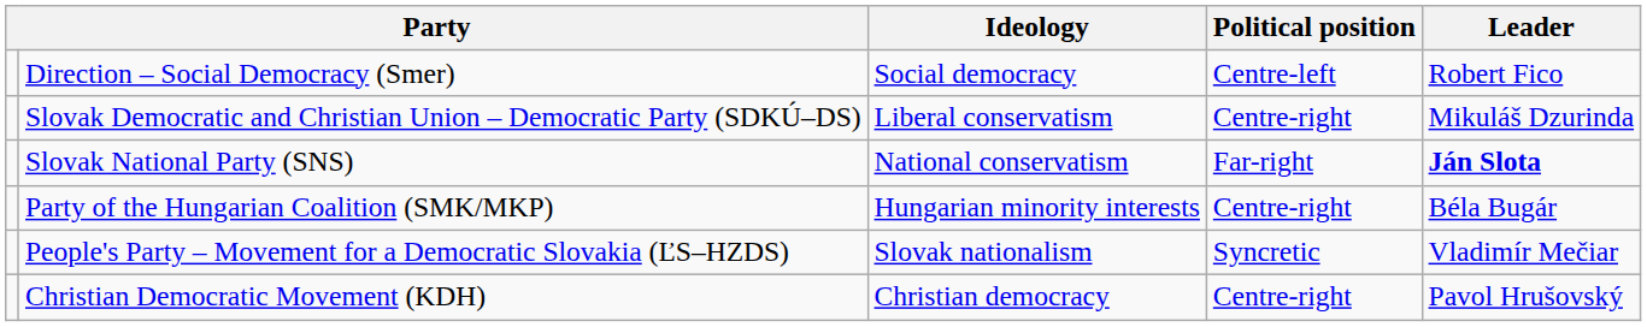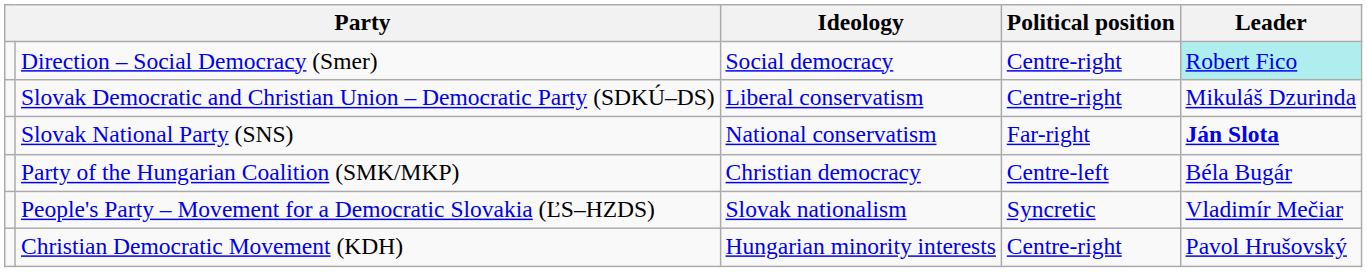 <table class="wikitable">
 <tr>
 <th colspan="2">Party</th>
 <th>Ideology</th>
 <th>Political position</th>
 <th>Leader</th>
 </tr>
 <tr>
 <td style="background:"></td>
 <td><a href='#'>Direction – Social Democracy</a> (Smer)</td>
 <td><a href='#'>Social democracy</a></td>
-<td><a href='#'>Centre-left</a></td>
-<td><a href='#'>Robert Fico</a></td>
+<td><a href='#'>Centre-right</a></td>
+<td style="background: paleturquoise;"><a href='#'>Robert Fico</a></td>
 </tr>
 <tr>
 <td style="background:"></td>
 <td><a href='#'>Slovak Democratic and Christian Union – Democratic Party</a> (SDKÚ–DS)</td>
 <td><a href='#'>Liberal conservatism</a></td>
 <td><a href='#'>Centre-right</a></td>
 <td><a href='#'>Mikuláš Dzurinda</a></td>
 </tr>
 <tr>
 <td style="background:"></td>
 <td><a href='#'>Slovak National Party</a> (SNS)</td>
 <td><a href='#'>National conservatism</a></td>
 <td><a href='#'>Far-right</a></td>
 <td><strong><a href='#'>Ján Slota</a></strong></td>
 </tr>
 <tr>
 <td style="background:"></td>
 <td><a href='#'>Party of the Hungarian Coalition</a> (SMK/MKP)</td>
-<td><a href='#'>Hungarian minority interests</a></td>
-<td><a href='#'>Centre-right</a></td>
+<td><a href='#'>Christian democracy</a></td>
+<td><a href='#'>Centre-left</a></td>
 <td><a href='#'>Béla Bugár</a></td>
 </tr>
 <tr>
 <td style="background:"></td>
 <td><a href='#'>People's Party – Movement for a Democratic Slovakia</a> (ĽS–HZDS)</td>
 <td><a href='#'>Slovak nationalism</a></td>
 <td><a href='#'>Syncretic</a></td>
 <td><a href='#'>Vladimír Mečiar</a></td>
 </tr>
 <tr>
 <td style="background:"></td>
 <td><a href='#'>Christian Democratic Movement</a> (KDH)</td>
-<td><a href='#'>Christian democracy</a></td>
+<td><a href='#'>Hungarian minority interests</a></td>
 <td><a href='#'>Centre-right</a></td>
 <td><a href='#'>Pavol Hrušovský</a></td>
 </tr>
 </table>
